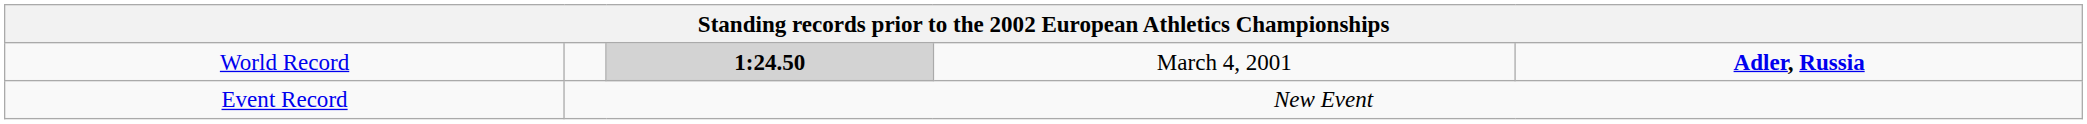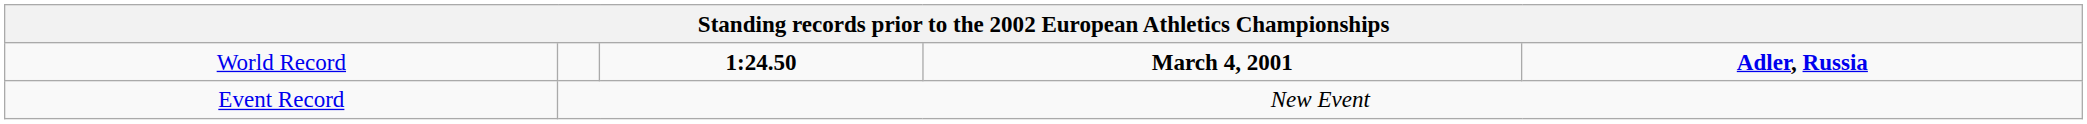 <table class="wikitable" style=" text-align:center; font-size:110%;" width="80%">
 <tr>
 <th colspan="5">Standing records prior to the 2002 European Athletics Championships</th>
 </tr>
 <tr>
 <td><a href='#'>World Record</a></td>
 <td></td>
-<td style="background: lightgrey;"><strong>1:24.50</strong></td>
-<td>March 4, 2001</td>
+<td><strong>1:24.50</strong></td>
+<td><strong>March 4, 2001</strong></td>
 <td><strong> <a href='#'>Adler</a>, <a href='#'>Russia</a></strong></td>
 </tr>
 <tr>
 <td><a href='#'>Event Record</a></td>
 <td colspan=4><em>New Event</em></td>
 </tr>
 </table>
